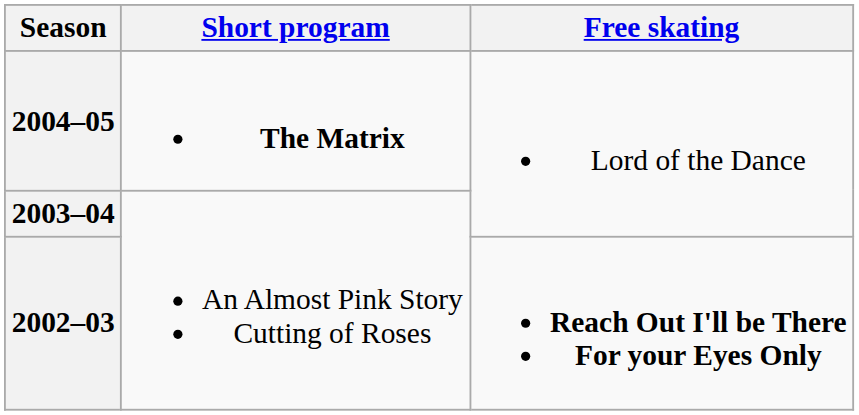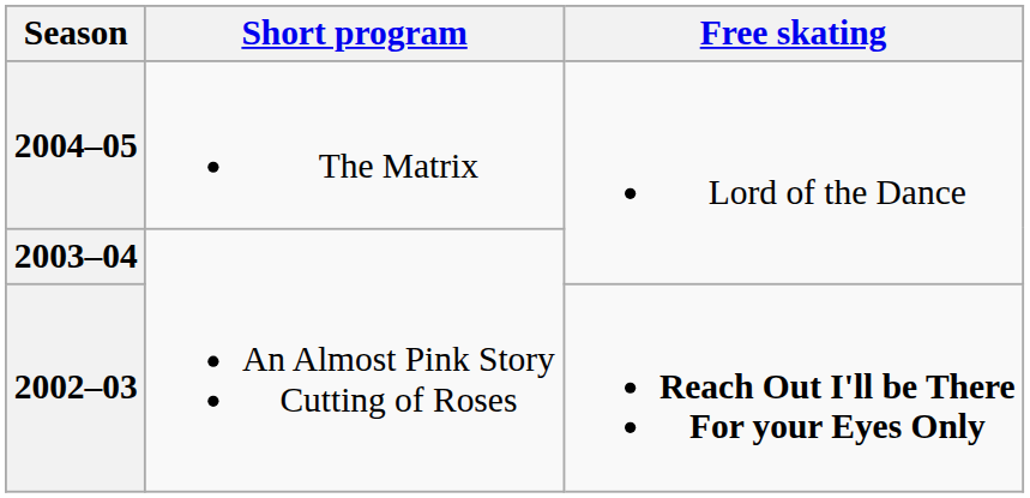 <table class=wikitable style=text-align:center>
 <tr>
 <th>Season</th>
 <th><a href='#'>Short program</a></th>
 <th><a href='#'>Free skating</a></th>
 </tr>
 <tr>
 <th>2004–05 <br> </th>
-<td><strong><br><ul><li>The Matrix <br></li></ul></strong></td>
+<td><br><ul><li>The Matrix <br></li></ul></td>
 <td rowspan=2><br><ul><li>Lord of the Dance <br></li></ul></td>
 </tr>
 <tr>
 <th>2003–04 <br> </th>
 <td rowspan=2><br><ul><li>An Almost Pink Story</li><li>Cutting of Roses</li></ul></td>
 </tr>
 <tr>
 <th>2002–03 <br> </th>
 <td><strong><br><ul><li>Reach Out I'll be There</li><li>For your Eyes Only</li></ul></strong></td>
 </tr>
 </table>
